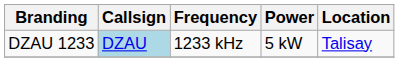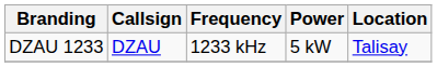 <table class="wikitable">
 <tr>
 <th>Branding</th>
 <th>Callsign</th>
 <th>Frequency</th>
 <th>Power</th>
 <th>Location</th>
 </tr>
 <tr>
 <td>DZAU 1233</td>
-<td style="background: lightblue;"><a href='#'>DZAU</a></td>
+<td><a href='#'>DZAU</a></td>
 <td>1233 kHz</td>
 <td>5 kW</td>
 <td><a href='#'>Talisay</a></td>
 </tr>
 <tr>
 </tr>
 </table>
